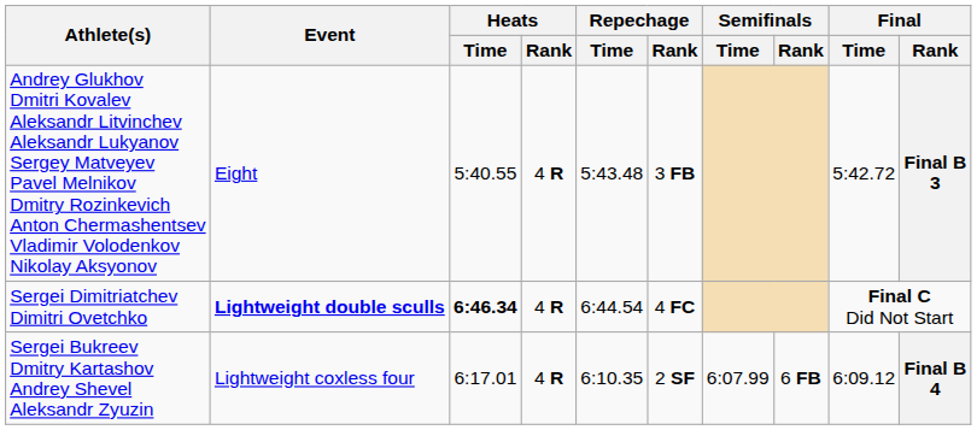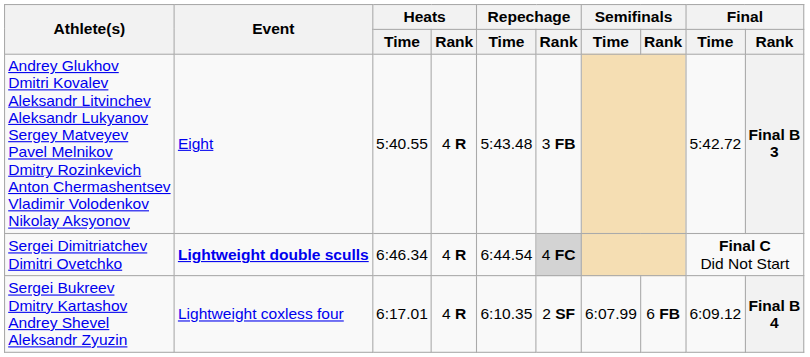 <table class="wikitable" style="font-size:90%">
 <tr>
 <th rowspan="2">Athlete(s)</th>
 <th rowspan="2">Event</th>
 <th colspan="2">Heats</th>
 <th colspan="2">Repechage</th>
 <th colspan="2">Semifinals</th>
 <th colspan="2">Final</th>
 </tr>
 <tr>
 <th>Time</th>
 <th>Rank</th>
 <th>Time</th>
 <th>Rank</th>
 <th>Time</th>
 <th>Rank</th>
 <th>Time</th>
 <th>Rank</th>
 </tr>
 <tr>
 <td><a href='#'>Andrey Glukhov</a><br><a href='#'>Dmitri Kovalev</a> <br><a href='#'>Aleksandr Litvinchev</a><br><a href='#'>Aleksandr Lukyanov</a><br><a href='#'>Sergey Matveyev</a><br><a href='#'>Pavel Melnikov</a><br><a href='#'>Dmitry Rozinkevich</a><br><a href='#'>Anton Chermashentsev</a><br><a href='#'>Vladimir Volodenkov</a><br><a href='#'>Nikolay Aksyonov</a></td>
 <td><a href='#'>Eight</a></td>
 <td align="center">5:40.55</td>
 <td align="center">4 <strong>R</strong></td>
 <td align="center">5:43.48</td>
 <td align="center">3 <strong>FB</strong></td>
 <td colspan="2" bgcolor="wheat"></td>
 <td align="center">5:42.72</td>
 <th align="center"><strong>Final B</strong><br>3</th>
 </tr>
 <tr>
 <td><a href='#'>Sergei Dimitriatchev</a><br><a href='#'>Dimitri Ovetchko</a></td>
 <td><strong><a href='#'>Lightweight double sculls</a></strong></td>
-<td align="center"><strong>6:46.34</strong></td>
+<td align="center">6:46.34</td>
 <td align="center">4 <strong>R</strong></td>
 <td align="center">6:44.54</td>
-<td align="center">4 <strong>FC</strong></td>
+<td align="center" style="background: lightgrey;">4 <strong>FC</strong></td>
 <td colspan="2" bgcolor="wheat"></td>
 <td colspan="2" align="center"><strong>Final C</strong><br>Did Not Start</td>
 </tr>
 <tr>
 <td><a href='#'>Sergei Bukreev</a><br><a href='#'>Dmitry Kartashov</a> <br><a href='#'>Andrey Shevel</a><br><a href='#'>Aleksandr Zyuzin</a></td>
 <td><a href='#'>Lightweight coxless four</a></td>
 <td align="center">6:17.01</td>
 <td align="center">4 <strong>R</strong></td>
 <td align="center">6:10.35</td>
 <td align="center">2 <strong>SF</strong></td>
 <td align="center">6:07.99</td>
 <td align="center">6 <strong>FB</strong></td>
 <td align="center">6:09.12</td>
 <th align="center"><strong>Final B</strong><br>4</th>
 </tr>
 </table>
